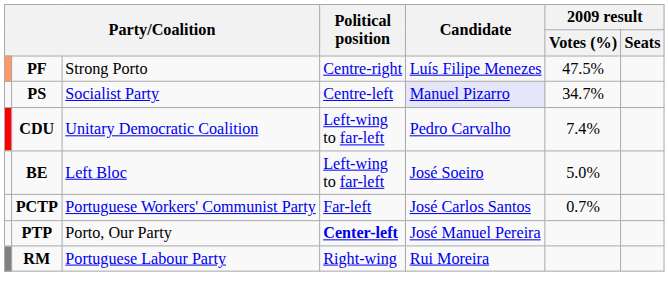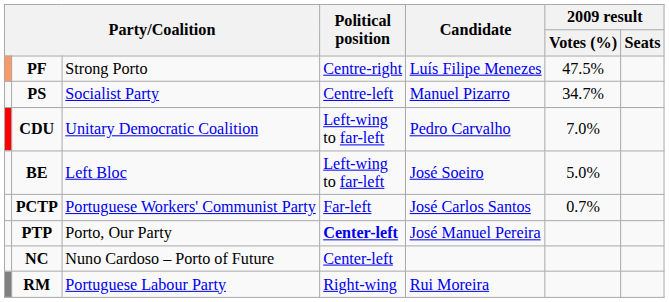 <table class="wikitable">
 <tr>
 <th rowspan="2" colspan="3">Party/Coalition</th>
 <th rowspan="2">Political<br>position</th>
 <th rowspan="2">Candidate</th>
 <th colspan="2">2009 result</th>
 </tr>
 <tr>
 <th>Votes (%)</th>
 <th>Seats</th>
 </tr>
 <tr>
 <td style="color:inherit;background:#FF9966;"></td>
 <td style="text-align:center;"><strong>PF</strong></td>
 <td>Strong Porto<br> </td>
 <td><a href='#'>Centre-right</a></td>
 <td><a href='#'>Luís Filipe Menezes</a></td>
 <td style="text-align:center;">47.5%</td>
 <td></td>
 </tr>
 <tr>
 <td style="color:inherit;background:"></td>
 <td style="text-align:center;"><strong>PS</strong></td>
 <td><a href='#'>Socialist Party</a><br></td>
 <td><a href='#'>Centre-left</a></td>
-<td style="background: lavender;"><a href='#'>Manuel Pizarro</a></td>
+<td><a href='#'>Manuel Pizarro</a></td>
 <td style="text-align:center;">34.7%</td>
 <td></td>
 </tr>
 <tr>
 <td style="background:#f00;"></td>
 <td style="text-align:center;"><strong>CDU</strong></td>
 <td><a href='#'>Unitary Democratic Coalition</a><br> </td>
 <td><a href='#'>Left-wing</a><br>to <a href='#'>far-left</a></td>
 <td><a href='#'>Pedro Carvalho</a></td>
-<td style="text-align:center;">7.4%</td>
+<td style="text-align:center;">7.0%</td>
 <td></td>
 </tr>
 <tr>
 <td style="color:inherit;background:"></td>
 <td style="text-align:center;"><strong>BE</strong></td>
 <td><a href='#'>Left Bloc</a><br></td>
 <td><a href='#'>Left-wing</a><br>to <a href='#'>far-left</a></td>
 <td><a href='#'>José Soeiro</a></td>
 <td style="text-align:center;">5.0%</td>
 <td></td>
 </tr>
 <tr>
 <td style="color:inherit;background:"></td>
 <td style="text-align:center;"><strong>PCTP</strong></td>
 <td><a href='#'>Portuguese Workers' Communist Party</a><br></td>
 <td><a href='#'>Far-left</a></td>
 <td><a href='#'>José Carlos Santos</a></td>
 <td style="text-align:center;">0.7%</td>
 <td></td>
 </tr>
 <tr>
 <td style="color:inherit;background:"></td>
 <td style="text-align:center;"><strong>PTP</strong></td>
 <td>Porto, Our Party<br></td>
 <td><strong><a href='#'>Center-left</a></strong></td>
 <td><a href='#'>José Manuel Pereira</a></td>
 <td></td>
 <td></td>
 </tr>
 <tr>
+<td style="color:inherit;background:"></td>
+<td style="text-align:center;"><strong>NC</strong></td>
+<td>Nuno Cardoso – Porto of Future<br></td>
+<td><a href='#'>Center-left</a></td>
+<td></td>
+<td></td>
+<td></td>
+</tr>
+<tr>
 <td style="background:gray;"></td>
 <td style="text-align:center;"><strong>RM</strong></td>
 <td><a href='#'>Portuguese Labour Party</a><br></td>
 <td><a href='#'>Right-wing</a></td>
 <td><a href='#'>Rui Moreira</a></td>
 <td></td>
 <td></td>
 </tr>
 </table>
